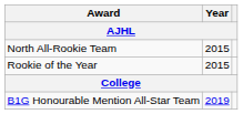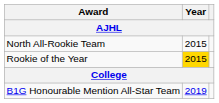 <table class="wikitable">
 <tr>
 <th>Award</th>
 <th>Year</th>
 <th></th>
 </tr>
 <tr ALIGN="center" bgcolor="#e0e0e0">
 <th colspan="3"><a href='#'>AJHL</a></th>
 </tr>
 <tr>
 <td>North All-Rookie Team</td>
 <td>2015</td>
 <td></td>
 </tr>
 <tr>
 <td>Rookie of the Year</td>
-<td>2015</td>
+<td style="background: gold;">2015</td>
 <td></td>
 </tr>
 <tr ALIGN="center" bgcolor="#e0e0e0">
 <th colspan="3"><a href='#'>College</a></th>
 </tr>
 <tr>
 <td><a href='#'>B1G</a> Honourable Mention All-Star Team</td>
 <td><a href='#'>2019</a></td>
 <td></td>
 </tr>
 </table>
